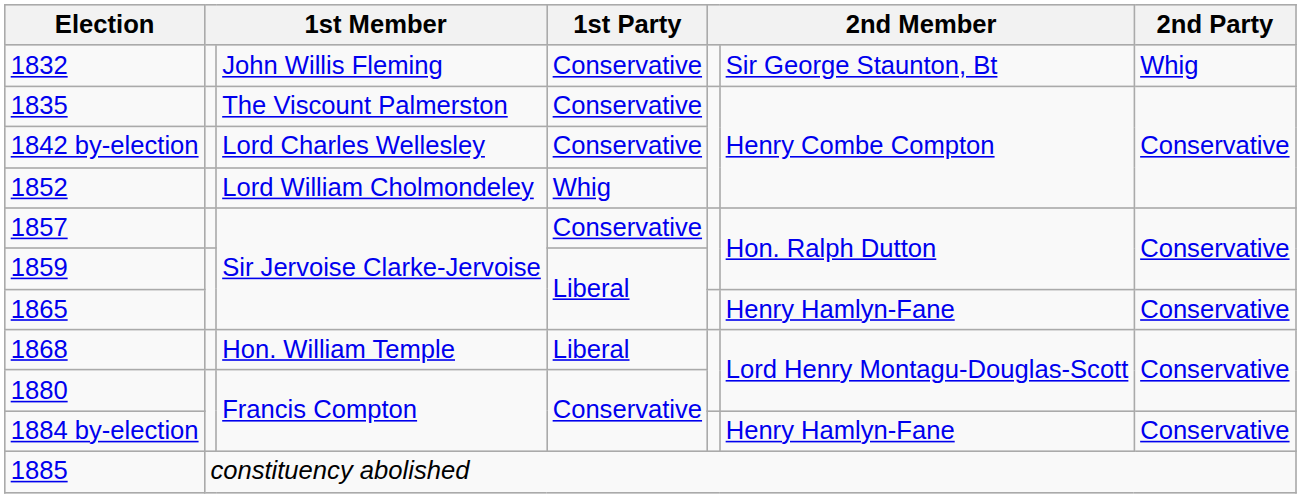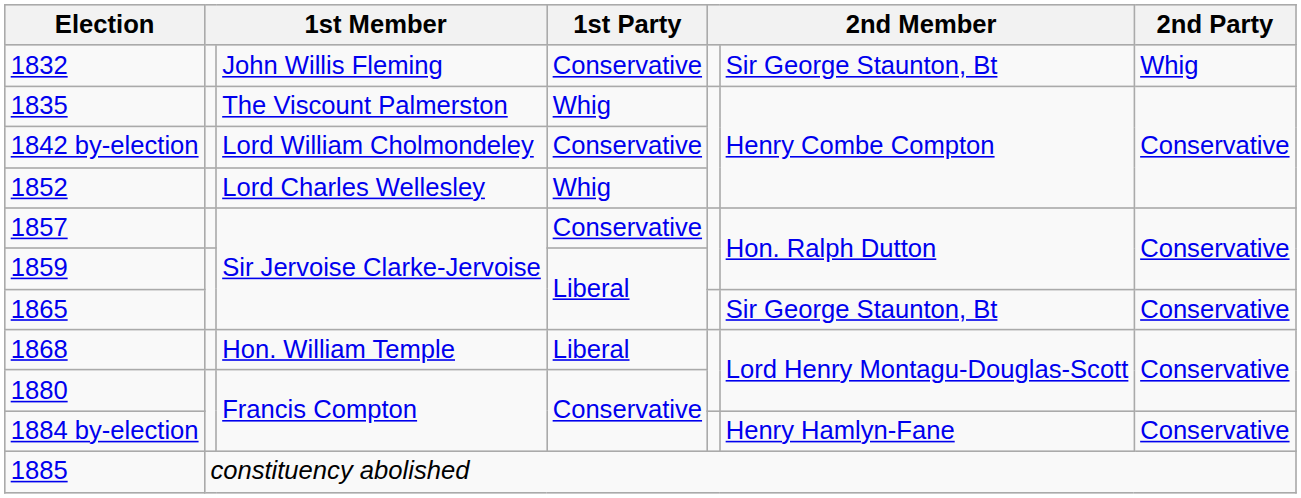 <table class="wikitable">
 <tr>
 <th>Election</th>
 <th colspan="2">1st Member</th>
 <th>1st Party</th>
 <th colspan="2">2nd Member</th>
 <th>2nd Party</th>
 </tr>
 <tr>
 <td><a href='#'>1832</a></td>
 <td style="color:inherit;background-color: "></td>
 <td><a href='#'>John Willis Fleming</a></td>
 <td><a href='#'>Conservative</a></td>
 <td style="color:inherit;background-color: "></td>
 <td><a href='#'>Sir George Staunton, Bt</a></td>
 <td><a href='#'>Whig</a></td>
 </tr>
 <tr>
 <td><a href='#'>1835</a></td>
 <td style="color:inherit;background-color: "></td>
 <td><a href='#'>The Viscount Palmerston</a></td>
-<td><a href='#'>Conservative</a></td>
+<td><a href='#'>Whig</a></td>
 <td rowspan="3" style="color:inherit;background-color: "></td>
 <td rowspan="3"><a href='#'>Henry Combe Compton</a></td>
 <td rowspan="3"><a href='#'>Conservative</a></td>
 </tr>
 <tr>
 <td><a href='#'>1842 by-election</a></td>
 <td style="color:inherit;background-color: "></td>
-<td><a href='#'>Lord Charles Wellesley</a></td>
+<td><a href='#'>Lord William Cholmondeley</a></td>
 <td><a href='#'>Conservative</a></td>
 </tr>
 <tr>
 <td><a href='#'>1852</a></td>
 <td style="color:inherit;background-color: "></td>
-<td><a href='#'>Lord William Cholmondeley</a></td>
+<td><a href='#'>Lord Charles Wellesley</a></td>
 <td><a href='#'>Whig</a></td>
 </tr>
 <tr>
 <td><a href='#'>1857</a></td>
 <td style="color:inherit;background-color: "></td>
 <td rowspan="3"><a href='#'>Sir Jervoise Clarke-Jervoise</a></td>
 <td><a href='#'>Conservative</a></td>
 <td rowspan="2" style="color:inherit;background-color: "></td>
 <td rowspan="2"><a href='#'>Hon. Ralph Dutton</a></td>
 <td rowspan="2"><a href='#'>Conservative</a></td>
 </tr>
 <tr>
 <td><a href='#'>1859</a></td>
 <td rowspan="2" style="color:inherit;background-color: "></td>
 <td rowspan="2"><a href='#'>Liberal</a></td>
 </tr>
 <tr>
 <td><a href='#'>1865</a></td>
 <td style="color:inherit;background-color: "></td>
-<td><a href='#'>Henry Hamlyn-Fane</a></td>
+<td><a href='#'>Sir George Staunton, Bt</a></td>
 <td><a href='#'>Conservative</a></td>
 </tr>
 <tr>
 <td><a href='#'>1868</a></td>
 <td style="color:inherit;background-color: "></td>
 <td><a href='#'>Hon. William Temple</a></td>
 <td><a href='#'>Liberal</a></td>
 <td rowspan="2" style="color:inherit;background-color: "></td>
 <td rowspan="2"><a href='#'>Lord Henry Montagu-Douglas-Scott</a></td>
 <td rowspan="2"><a href='#'>Conservative</a></td>
 </tr>
 <tr>
 <td><a href='#'>1880</a></td>
 <td rowspan="2" style="color:inherit;background-color: "></td>
 <td rowspan="2"><a href='#'>Francis Compton</a></td>
 <td rowspan="2"><a href='#'>Conservative</a></td>
 </tr>
 <tr>
 <td><a href='#'>1884 by-election</a></td>
 <td style="color:inherit;background-color: "></td>
 <td><a href='#'>Henry Hamlyn-Fane</a></td>
 <td><a href='#'>Conservative</a></td>
 </tr>
 <tr>
 <td><a href='#'>1885</a></td>
 <td colspan="6"><em>constituency abolished</em></td>
 </tr>
 </table>
